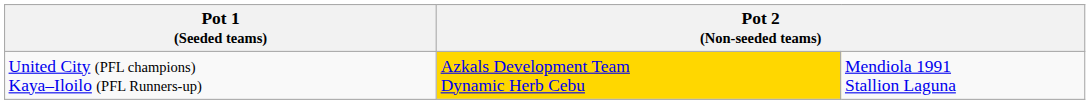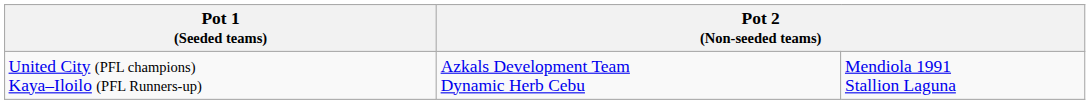 <table class="wikitable" style="width:50%;">
 <tr>
 <th width="20%">Pot 1<br><small>(Seeded teams)</small></th>
 <th colspan="2" width="30%">Pot 2<br><small>(Non-seeded teams)</small></th>
 </tr>
 <tr>
 <td><a href='#'>United City</a> <small>(PFL champions)</small><br><a href='#'>Kaya–Iloilo</a> <small>(PFL Runners-up)</small></td>
-<td style="background: gold;"><a href='#'>Azkals Development Team</a><br><a href='#'>Dynamic Herb Cebu</a></td>
+<td><a href='#'>Azkals Development Team</a><br><a href='#'>Dynamic Herb Cebu</a></td>
 <td><a href='#'>Mendiola 1991</a><br><a href='#'>Stallion Laguna</a></td>
 </tr>
 </table>
